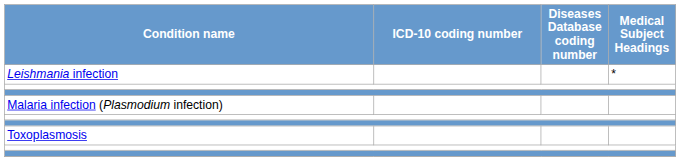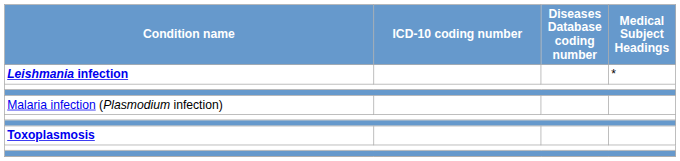 <table class="wikitable" style="width:100%; margin-right:auto; background: #FFFFFF;">
 <tr style="color:white">
 <th style="background-color:#6699CC; width:55%">Condition name</th>
 <th style="background-color:#6699CC; width:25%">ICD-10 coding number</th>
 <th style="background-color:#6699CC; width:10%">Diseases Database coding number</th>
 <th style="background-color:#6699CC; width:10%">Medical Subject Headings</th>
 </tr>
 <tr>
-<td><a href='#'><em>Leishmania</em> infection</a></td>
+<td><strong><a href='#'><em>Leishmania</em> infection</a></strong></td>
 <td></td>
 <td></td>
 <td>*</td>
 </tr>
 <tr>
 <td colspan="6"></td>
 </tr>
 <tr>
 <td colspan="6" bgcolor="#6699CC"></td>
 </tr>
 <tr>
 <td><a href='#'>Malaria infection</a> (<em>Plasmodium</em> infection)</td>
 <td></td>
 <td></td>
 <td></td>
 </tr>
 <tr>
 <td colspan="6"></td>
 </tr>
 <tr>
 <td colspan="6" bgcolor="#6699CC"></td>
 </tr>
 <tr>
-<td><a href='#'>Toxoplasmosis</a></td>
+<td><strong><a href='#'>Toxoplasmosis</a></strong></td>
 <td></td>
 <td></td>
 <td></td>
 </tr>
 <tr>
 <td colspan="6"></td>
 </tr>
 <tr>
 <td colspan="6" bgcolor="#6699CC"></td>
 </tr>
 <tr>
 </tr>
 </table>
